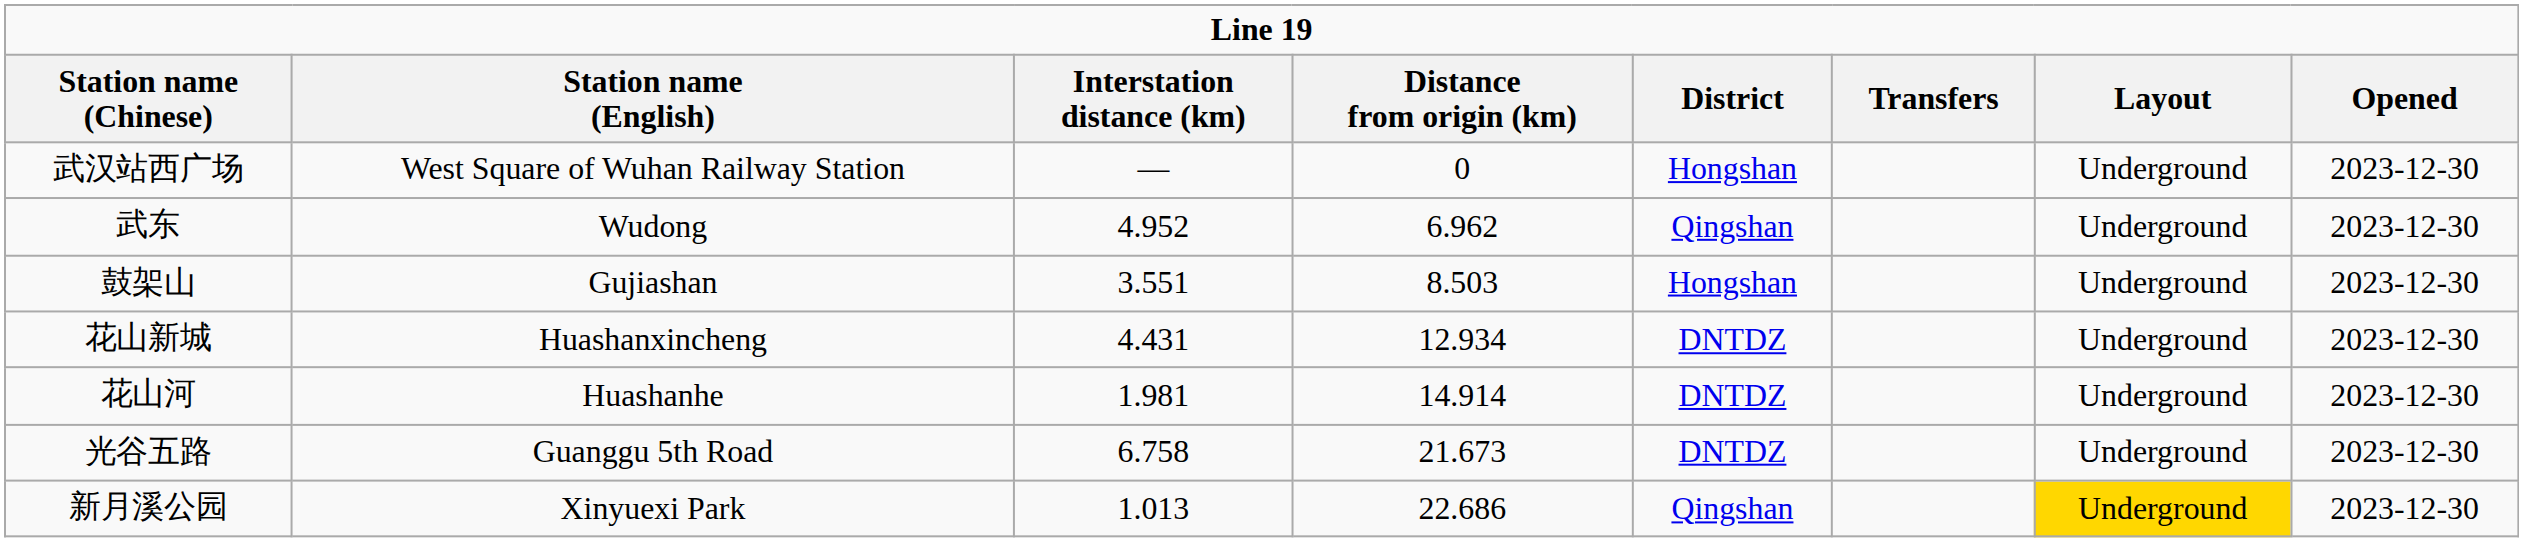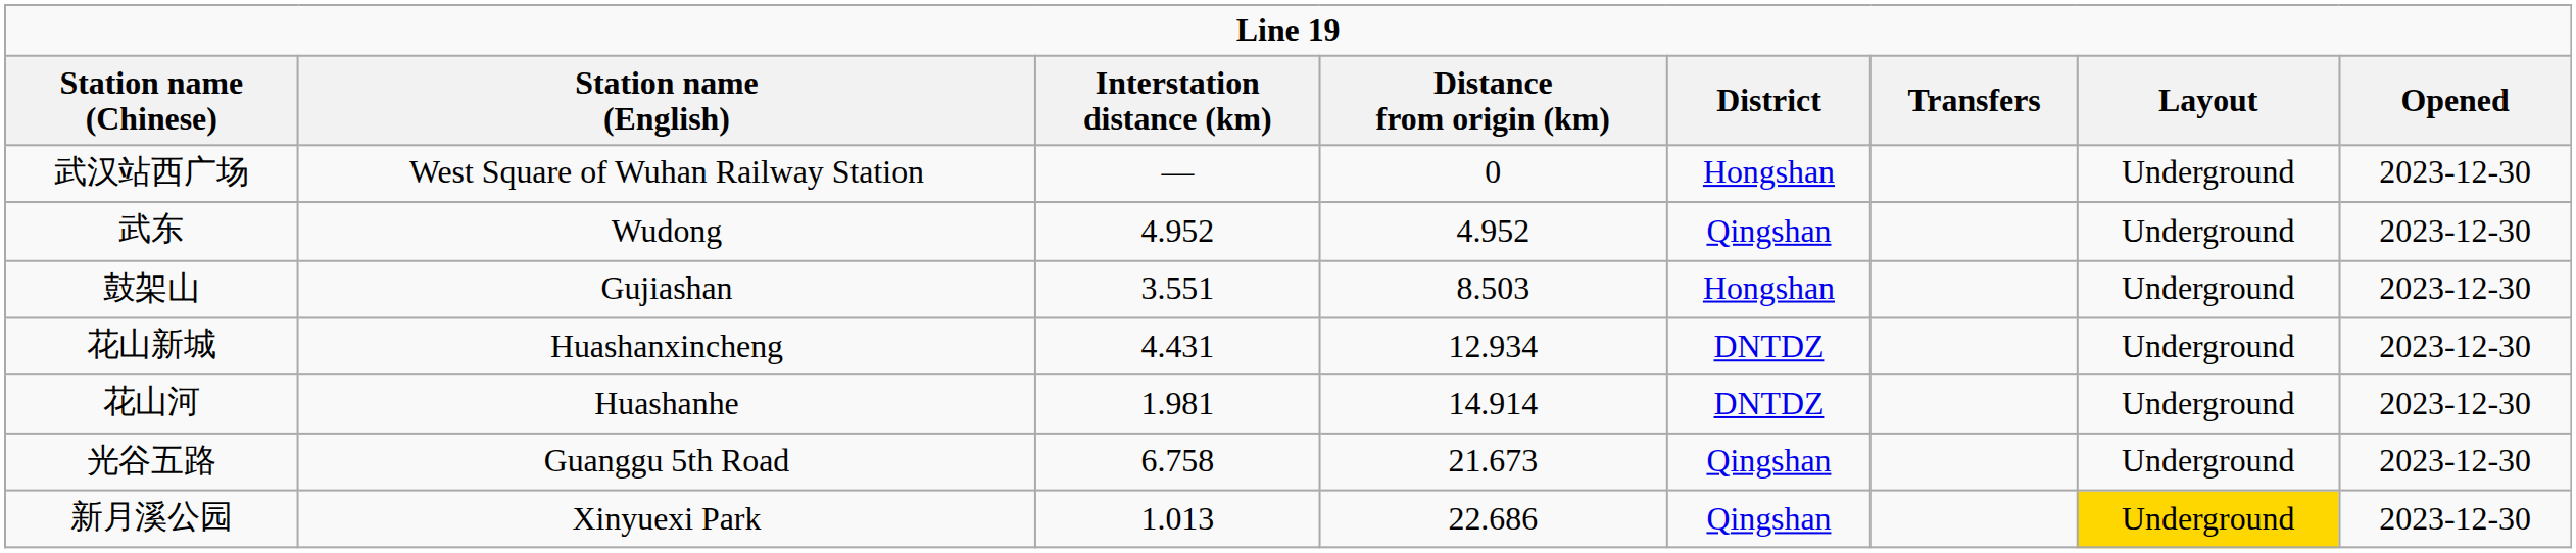 <table class="wikitable" style="width:100%; text-align: center;">
 <tr>
 <td align=center colspan=10><span><strong>Line 19</strong></span></td>
 </tr>
 <tr bgcolor="#CCCCCC">
 <th>Station name<br>(Chinese)</th>
 <th>Station name<br>(English)</th>
 <th>Interstation<br>distance (km)</th>
 <th>Distance<br>from origin (km)</th>
 <th>District</th>
 <th>Transfers</th>
 <th>Layout</th>
 <th>Opened</th>
 </tr>
 <tr>
 <td>武汉站西广场</td>
 <td>West Square of Wuhan Railway Station</td>
 <td>—</td>
 <td>0</td>
 <td><a href='#'>Hongshan</a></td>
 <td> </td>
 <td>Underground</td>
 <td>2023-12-30</td>
 </tr>
 <tr>
 <td>武东</td>
 <td>Wudong</td>
 <td>4.952</td>
-<td>6.962</td>
+<td>4.952</td>
 <td><a href='#'>Qingshan</a></td>
 <td></td>
 <td>Underground</td>
 <td>2023-12-30</td>
 </tr>
 <tr>
 <td>鼓架山</td>
 <td>Gujiashan</td>
 <td>3.551</td>
 <td>8.503</td>
 <td><a href='#'>Hongshan</a></td>
 <td></td>
 <td>Underground</td>
 <td>2023-12-30</td>
 </tr>
 <tr>
 <td>花山新城</td>
 <td>Huashanxincheng</td>
 <td>4.431</td>
 <td>12.934</td>
 <td><a href='#'>DNTDZ</a></td>
 <td></td>
 <td>Underground</td>
 <td>2023-12-30</td>
 </tr>
 <tr>
 <td>花山河</td>
 <td>Huashanhe</td>
 <td>1.981</td>
 <td>14.914</td>
 <td><a href='#'>DNTDZ</a></td>
 <td></td>
 <td>Underground</td>
 <td>2023-12-30</td>
 </tr>
 <tr>
 <td>光谷五路</td>
 <td>Guanggu 5th Road</td>
 <td>6.758</td>
 <td>21.673</td>
-<td><a href='#'>DNTDZ</a></td>
+<td><a href='#'>Qingshan</a></td>
 <td></td>
 <td>Underground</td>
 <td>2023-12-30</td>
 </tr>
 <tr>
 <td>新月溪公园</td>
 <td>Xinyuexi Park</td>
 <td>1.013</td>
 <td>22.686</td>
 <td><a href='#'>Qingshan</a></td>
 <td></td>
 <td style="background: gold;">Underground</td>
 <td>2023-12-30</td>
 </tr>
 </table>
